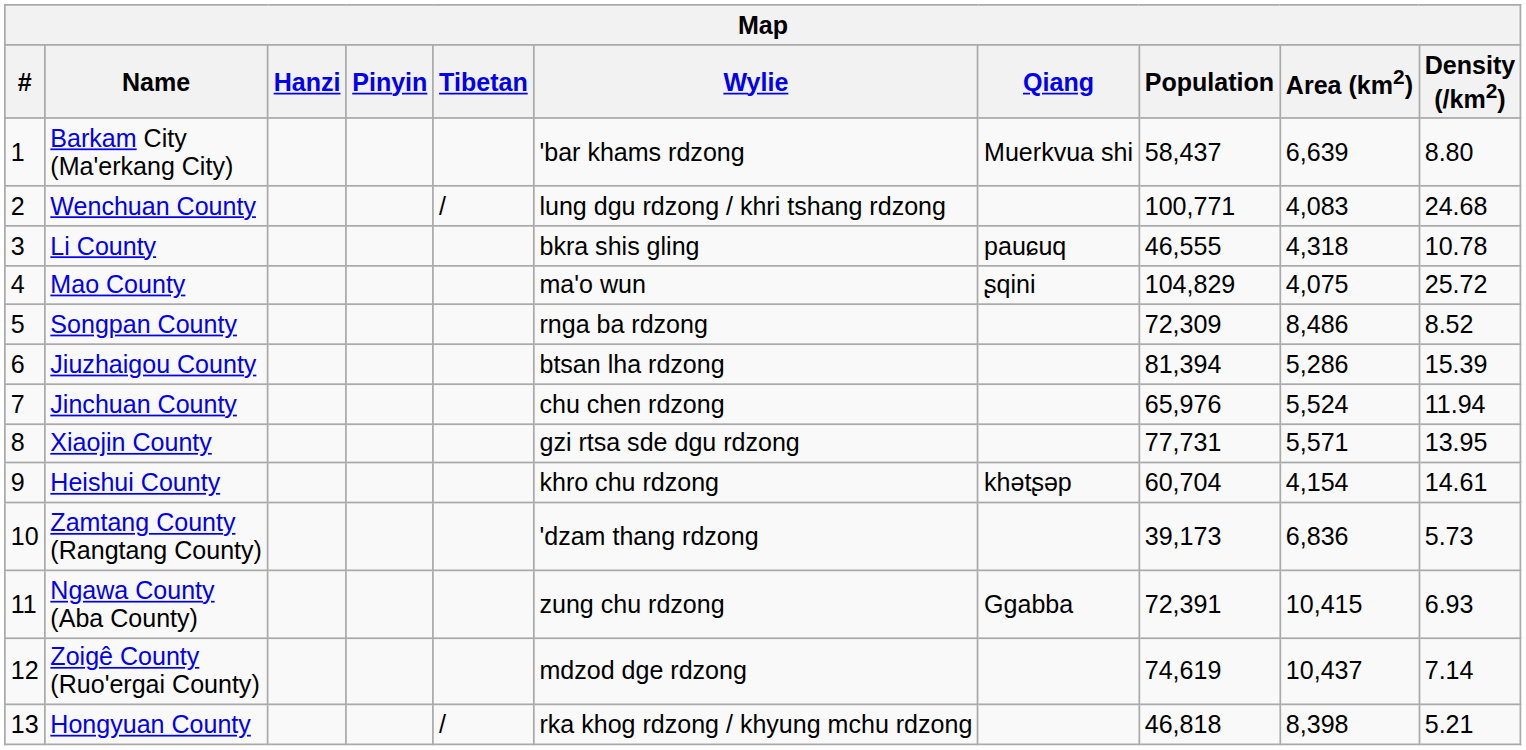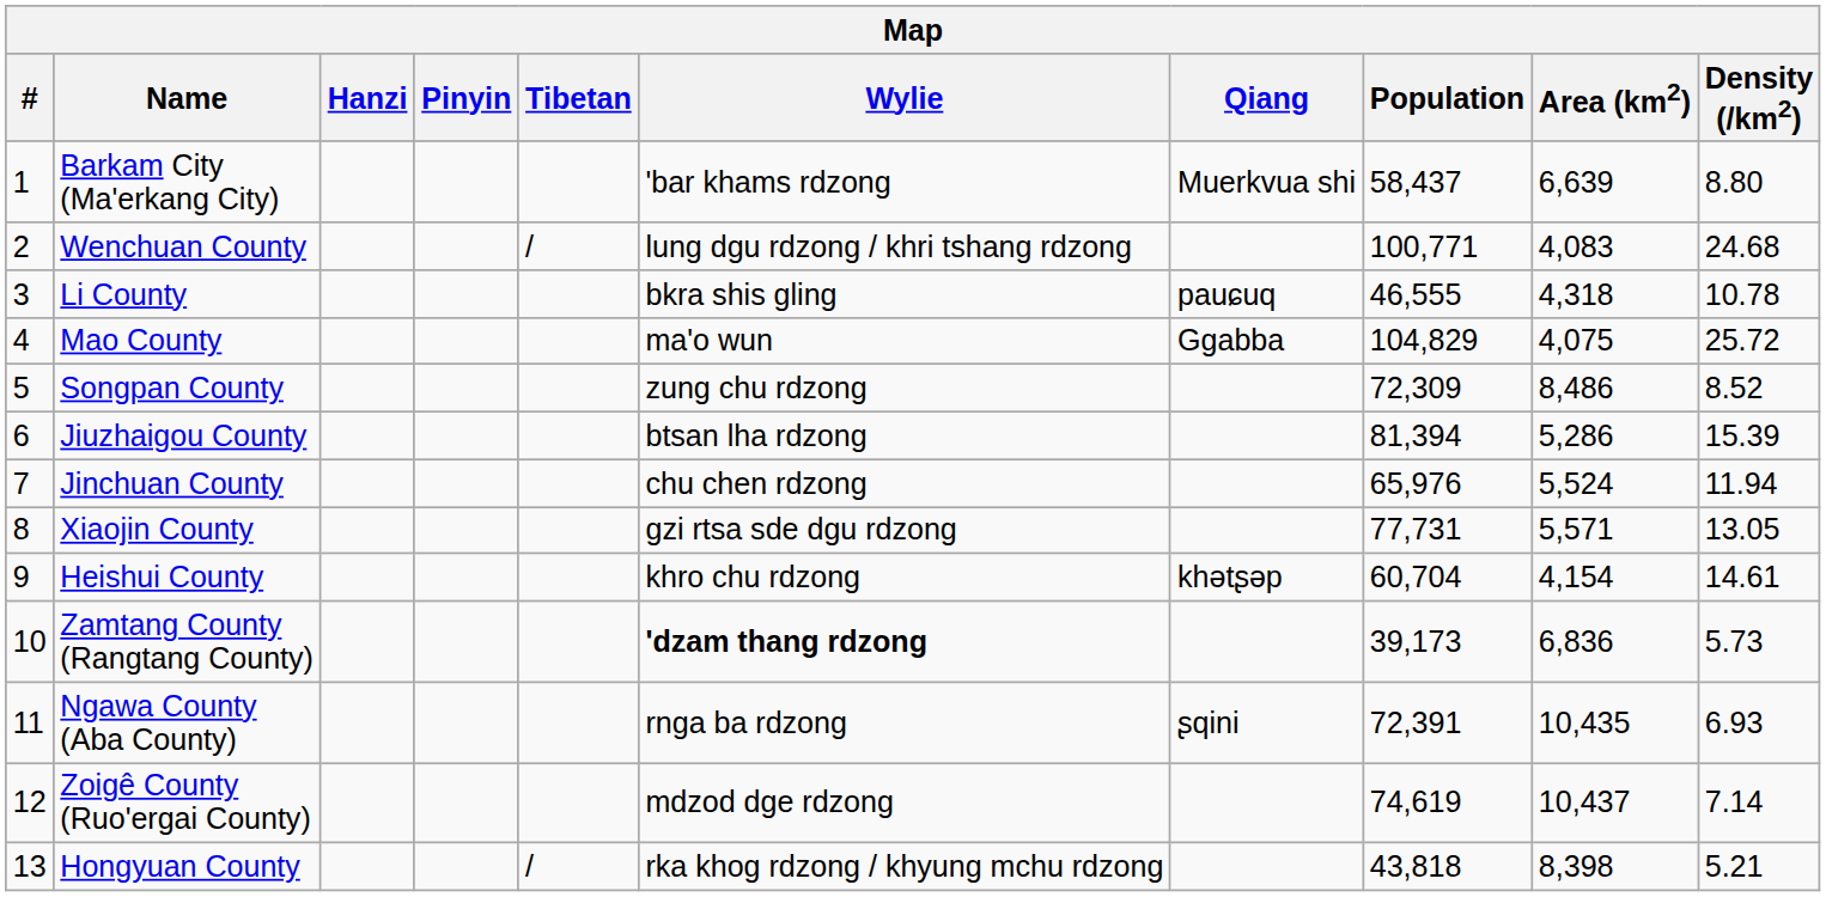 <table class="wikitable"  style="font-size:90%;" align=center>
 <tr>
 <th colspan="10" align="center">Map<br><div>                 </div></th>
 </tr>
 <tr>
 <th>#</th>
 <th>Name</th>
 <th><a href='#'>Hanzi</a></th>
 <th><a href='#'>Pinyin</a></th>
 <th><a href='#'>Tibetan</a></th>
 <th><a href='#'>Wylie</a></th>
 <th><a href='#'>Qiang</a></th>
 <th>Population<br></th>
 <th>Area (km<sup>2</sup>)</th>
 <th>Density<br>(/km<sup>2</sup>)</th>
 </tr>
 <tr --------->
 <td>1</td>
 <td><a href='#'>Barkam</a> City<br>(Ma'erkang City)</td>
 <td></td>
 <td></td>
 <td></td>
 <td>'bar khams rdzong</td>
 <td>Muerkvua shi</td>
 <td>58,437</td>
 <td>6,639</td>
 <td>8.80</td>
 </tr>
 <tr --------->
 <td>2</td>
 <td><a href='#'>Wenchuan County</a></td>
 <td></td>
 <td></td>
 <td> / </td>
 <td>lung dgu rdzong / khri tshang rdzong</td>
 <td></td>
 <td>100,771</td>
 <td>4,083</td>
 <td>24.68</td>
 </tr>
 <tr -------->
 <td>3</td>
 <td><a href='#'>Li County</a></td>
 <td></td>
 <td></td>
 <td></td>
 <td>bkra shis gling</td>
 <td>pauɕuq</td>
 <td>46,555</td>
 <td>4,318</td>
 <td>10.78</td>
 </tr>
 <tr --------->
 <td>4</td>
 <td><a href='#'>Mao County</a></td>
 <td></td>
 <td></td>
 <td></td>
 <td>ma'o wun</td>
-<td>ʂqini</td>
+<td>Ggabba</td>
 <td>104,829</td>
 <td>4,075</td>
 <td>25.72</td>
 </tr>
 <tr --------->
 <td>5</td>
 <td><a href='#'>Songpan County</a></td>
 <td></td>
 <td></td>
 <td></td>
-<td>rnga ba rdzong</td>
+<td>zung chu rdzong</td>
 <td></td>
 <td>72,309</td>
 <td>8,486</td>
 <td>8.52</td>
 </tr>
 <tr --------->
 <td>6</td>
 <td><a href='#'>Jiuzhaigou County</a></td>
 <td></td>
 <td></td>
 <td></td>
 <td>btsan lha rdzong</td>
 <td></td>
 <td>81,394</td>
 <td>5,286</td>
 <td>15.39</td>
 </tr>
 <tr --------->
 <td>7</td>
 <td><a href='#'>Jinchuan County</a></td>
 <td></td>
 <td></td>
 <td></td>
 <td>chu chen rdzong</td>
 <td></td>
 <td>65,976</td>
 <td>5,524</td>
 <td>11.94</td>
 </tr>
 <tr --------->
 <td>8</td>
 <td><a href='#'>Xiaojin County</a></td>
 <td></td>
 <td></td>
 <td></td>
 <td>gzi rtsa sde dgu rdzong</td>
 <td></td>
 <td>77,731</td>
 <td>5,571</td>
-<td>13.95</td>
+<td>13.05</td>
 </tr>
 <tr --------->
 <td>9</td>
 <td><a href='#'>Heishui County</a></td>
 <td></td>
 <td></td>
 <td></td>
 <td>khro chu rdzong</td>
 <td>khǝtʂǝp</td>
 <td>60,704</td>
 <td>4,154</td>
 <td>14.61</td>
 </tr>
 <tr --------->
 <td>10</td>
 <td><a href='#'>Zamtang County</a><br>(Rangtang County)</td>
 <td></td>
 <td></td>
 <td></td>
-<td>'dzam thang rdzong</td>
+<td><strong>'dzam thang rdzong</strong></td>
 <td></td>
 <td>39,173</td>
 <td>6,836</td>
 <td>5.73</td>
 </tr>
 <tr --------->
 <td>11</td>
 <td><a href='#'>Ngawa County</a><br>(Aba County)</td>
 <td></td>
 <td></td>
 <td></td>
-<td>zung chu rdzong</td>
-<td>Ggabba</td>
+<td>rnga ba rdzong</td>
+<td>ʂqini</td>
 <td>72,391</td>
-<td>10,415</td>
+<td>10,435</td>
 <td>6.93</td>
 </tr>
 <tr --------->
 <td>12</td>
 <td><a href='#'>Zoigê County</a><br>(Ruo'ergai County)</td>
 <td></td>
 <td></td>
 <td></td>
 <td>mdzod dge rdzong</td>
 <td></td>
 <td>74,619</td>
 <td>10,437</td>
 <td>7.14</td>
 </tr>
 <tr --------->
 <td>13</td>
 <td><a href='#'>Hongyuan County</a></td>
 <td></td>
 <td></td>
 <td> / </td>
 <td>rka khog rdzong / khyung mchu rdzong</td>
 <td></td>
-<td>46,818</td>
+<td>43,818</td>
 <td>8,398</td>
 <td>5.21</td>
 </tr>
 </table>
